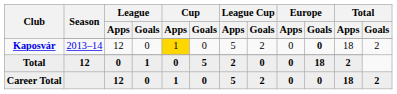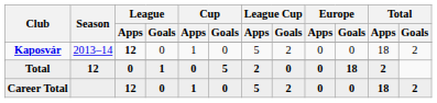 <table class="wikitable" style="font-size:90%; text-align: center;">
 <tr>
 <th rowspan="2">Club</th>
 <th rowspan="2">Season</th>
 <th colspan="2">League</th>
 <th colspan="2">Cup</th>
 <th colspan="2">League Cup</th>
 <th colspan="2">Europe</th>
 <th colspan="2">Total</th>
 </tr>
 <tr>
 <th>Apps</th>
 <th>Goals</th>
 <th>Apps</th>
 <th>Goals</th>
 <th>Apps</th>
 <th>Goals</th>
 <th>Apps</th>
 <th>Goals</th>
 <th>Apps</th>
 <th>Goals</th>
 </tr>
 <tr ||-||-||-|->
 <td rowspan="3" valign="center"><strong><a href='#'>Kaposvár</a></strong></td>
 </tr>
 <tr>
 <td><a href='#'>2013–14</a></td>
-<td>12</td>
+<td><strong>12</strong></td>
 <td>0</td>
-<td style="background: gold;">1</td>
+<td>1</td>
 <td>0</td>
 <td>5</td>
 <td>2</td>
 <td>0</td>
-<td><strong>0</strong></td>
+<td>0</td>
 <td>18</td>
 <td>2</td>
 </tr>
 <tr>
 </tr>
 <tr style="font-weight:bold; background-color:#eeeeee;">
 <td>Total</td>
 <td>12</td>
 <td>0</td>
 <td>1</td>
 <td>0</td>
 <td>5</td>
 <td>2</td>
 <td>0</td>
 <td>0</td>
 <td>18</td>
 <td>2</td>
 </tr>
 <tr style="font-weight:bold; background-color:#eeeeee;">
 <td rowspan="1" valign="top"><strong>Career Total</strong></td>
 <td></td>
 <td><strong>12</strong></td>
 <td><strong>0</strong></td>
 <td><strong>1</strong></td>
 <td><strong>0</strong></td>
 <td><strong>5</strong></td>
 <td><strong>2</strong></td>
 <td><strong>0</strong></td>
 <td><strong>0</strong></td>
 <td><strong>18</strong></td>
 <td><strong>2</strong></td>
 </tr>
 </table>
